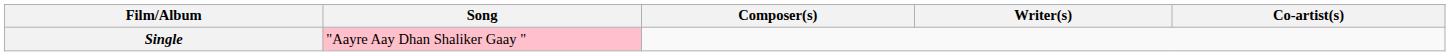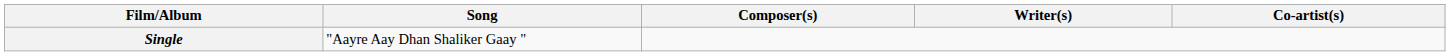 <table class="wikitable plainrowheaders" width="100%">
 <tr>
 <th scope="col" width=21%><strong>Film/Album</strong></th>
 <th scope="col" width=21%><strong>Song</strong></th>
 <th scope="col" width=18%><strong>Composer(s)</strong></th>
 <th scope="col" width=17%><strong>Writer(s)</strong></th>
 <th scope="col" width=18%><strong>Co-artist(s)</strong></th>
 </tr>
 <tr>
 <th scope="row"><em>Single</em></th>
-<td style="background: pink;">"Aayre Aay Dhan Shaliker Gaay "</td>
+<td>"Aayre Aay Dhan Shaliker Gaay "</td>
 </tr>
 </table>
